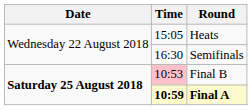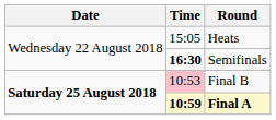 <table class="wikitable">
 <tr>
 <th>Date</th>
 <th>Time</th>
 <th>Round</th>
 </tr>
 <tr>
 <td rowspan=2>Wednesday 22 August 2018</td>
 <td>15:05</td>
 <td>Heats</td>
 </tr>
 <tr>
-<td>16:30</td>
+<td><strong>16:30</strong></td>
 <td>Semifinals</td>
 </tr>
 <tr>
 <td rowspan=2><strong>Saturday 25 August 2018</strong></td>
 <td style="background: pink;">10:53</td>
 <td>Final B</td>
 </tr>
 <tr>
 <td style=background:lemonchiffon><strong>10:59</strong></td>
 <td style=background:lemonchiffon><strong>Final A</strong></td>
 </tr>
 </table>
